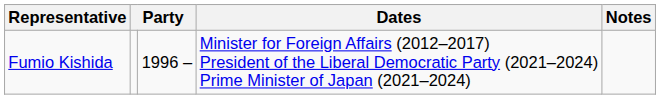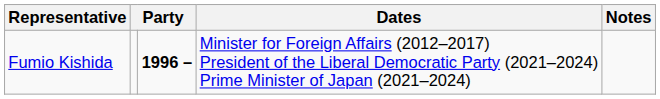 <table class=wikitable>
 <tr valign=bottom>
 <th>Representative</th>
 <th colspan="2">Party</th>
 <th>Dates</th>
 <th>Notes</th>
 </tr>
 <tr>
 <td><a href='#'>Fumio Kishida</a></td>
 <td></td>
-<td>1996 –</td>
+<td><strong>1996 –</strong></td>
 <td><a href='#'>Minister for Foreign Affairs</a> (2012–2017)<br><a href='#'>President of the Liberal Democratic Party</a> (2021–2024)<br><a href='#'>Prime Minister of Japan</a> (2021–2024)</td>
 </tr>
 </table>
